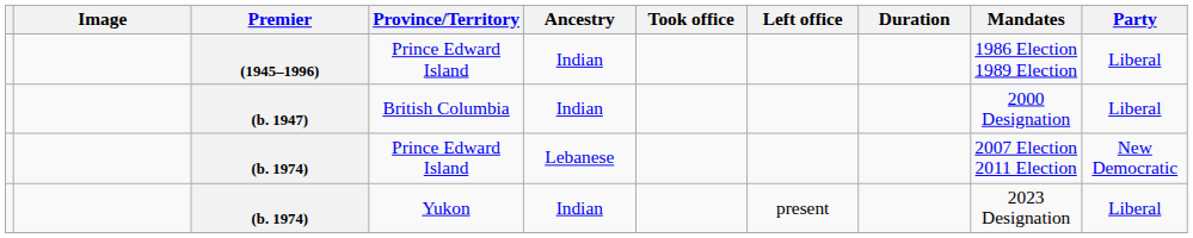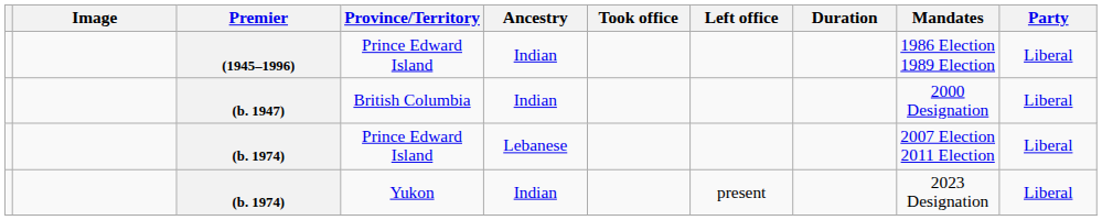 <table class="wikitable sortable plainrowheaders" style="text-align: center;">
 <tr>
 <th scope="col" class=unsortable></th>
 <th scope="col" class=unsortable>Image</th>
 <th scope="col"><a href='#'>Premier</a></th>
 <th scope="col" width=120px><a href='#'>Province/Territory</a></th>
 <th scope="col" width=90px>Ancestry</th>
 <th scope="col" width=90px>Took office</th>
 <th scope="col" width=90px>Left office</th>
 <th scope="col" width=90px>Duration</th>
 <th scope="col" width=90px>Mandates</th>
 <th scope="col" width=85px><a href='#'>Party</a></th>
 </tr>
 <tr>
 <td style="background: "></td>
 <td style="width:15%;"></td>
 <th scope="row" style="text-align:center; width:15%;"><br><small>(1945–1996)</small></th>
 <td><a href='#'>Prince Edward Island</a></td>
 <td><a href='#'>Indian</a></td>
 <td></td>
 <td></td>
 <td></td>
 <td><a href='#'>1986 Election</a> <br> <a href='#'>1989 Election</a></td>
 <td><a href='#'>Liberal</a></td>
 </tr>
 <tr>
 <td style="background: "></td>
 <td style="width:15%;"></td>
 <th scope="row" style="text-align:center; width:15%;"><br><small>(b. 1947)</small></th>
 <td><a href='#'>British Columbia</a></td>
 <td><a href='#'>Indian</a></td>
 <td></td>
 <td></td>
 <td></td>
 <td><a href='#'>2000 Designation</a></td>
 <td><a href='#'>Liberal</a></td>
 </tr>
 <tr>
 <td style="background: "></td>
 <td style="width:15%;"></td>
 <th scope="row" style="text-align:center; width:15%;"><br><small>(b. 1974)</small></th>
 <td><a href='#'>Prince Edward Island</a></td>
 <td><a href='#'>Lebanese</a></td>
 <td></td>
 <td></td>
 <td></td>
 <td><a href='#'>2007 Election</a> <br> <a href='#'>2011 Election</a></td>
-<td><a href='#'>New Democratic</a></td>
+<td><a href='#'>Liberal</a></td>
 </tr>
 <tr>
 <td style="background: "></td>
 <td style="width:15%;"></td>
 <th scope="row" style="text-align:center; width:15%;"><br><small>(b. 1974)</small></th>
 <td><a href='#'>Yukon</a></td>
 <td><a href='#'>Indian</a></td>
 <td></td>
 <td>present</td>
 <td></td>
 <td>2023 Designation</td>
 <td><a href='#'>Liberal</a></td>
 </tr>
 <tr>
 </tr>
 </table>
